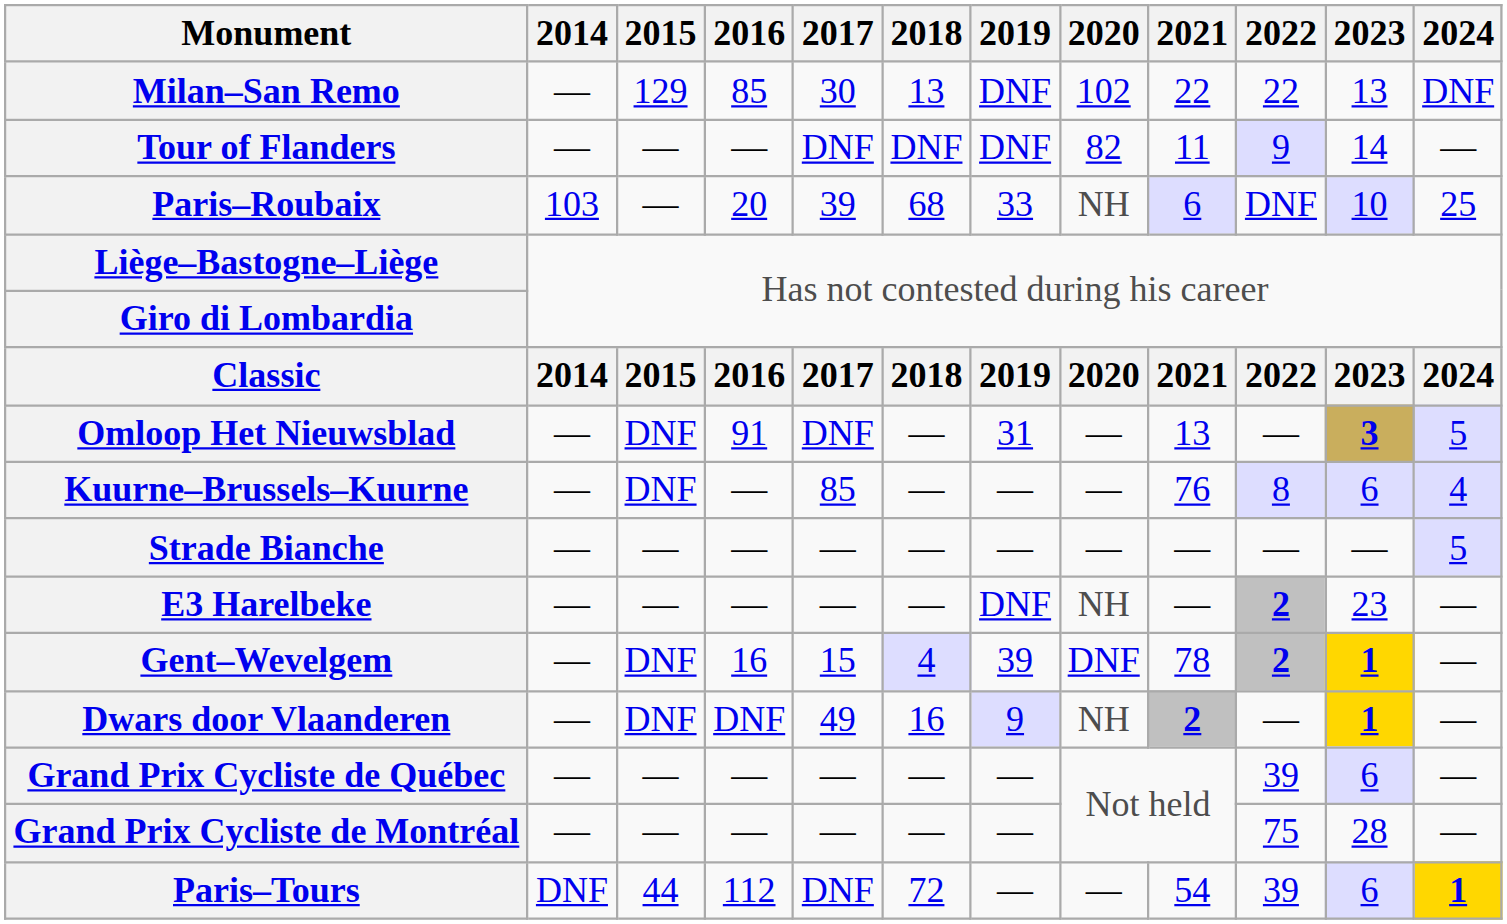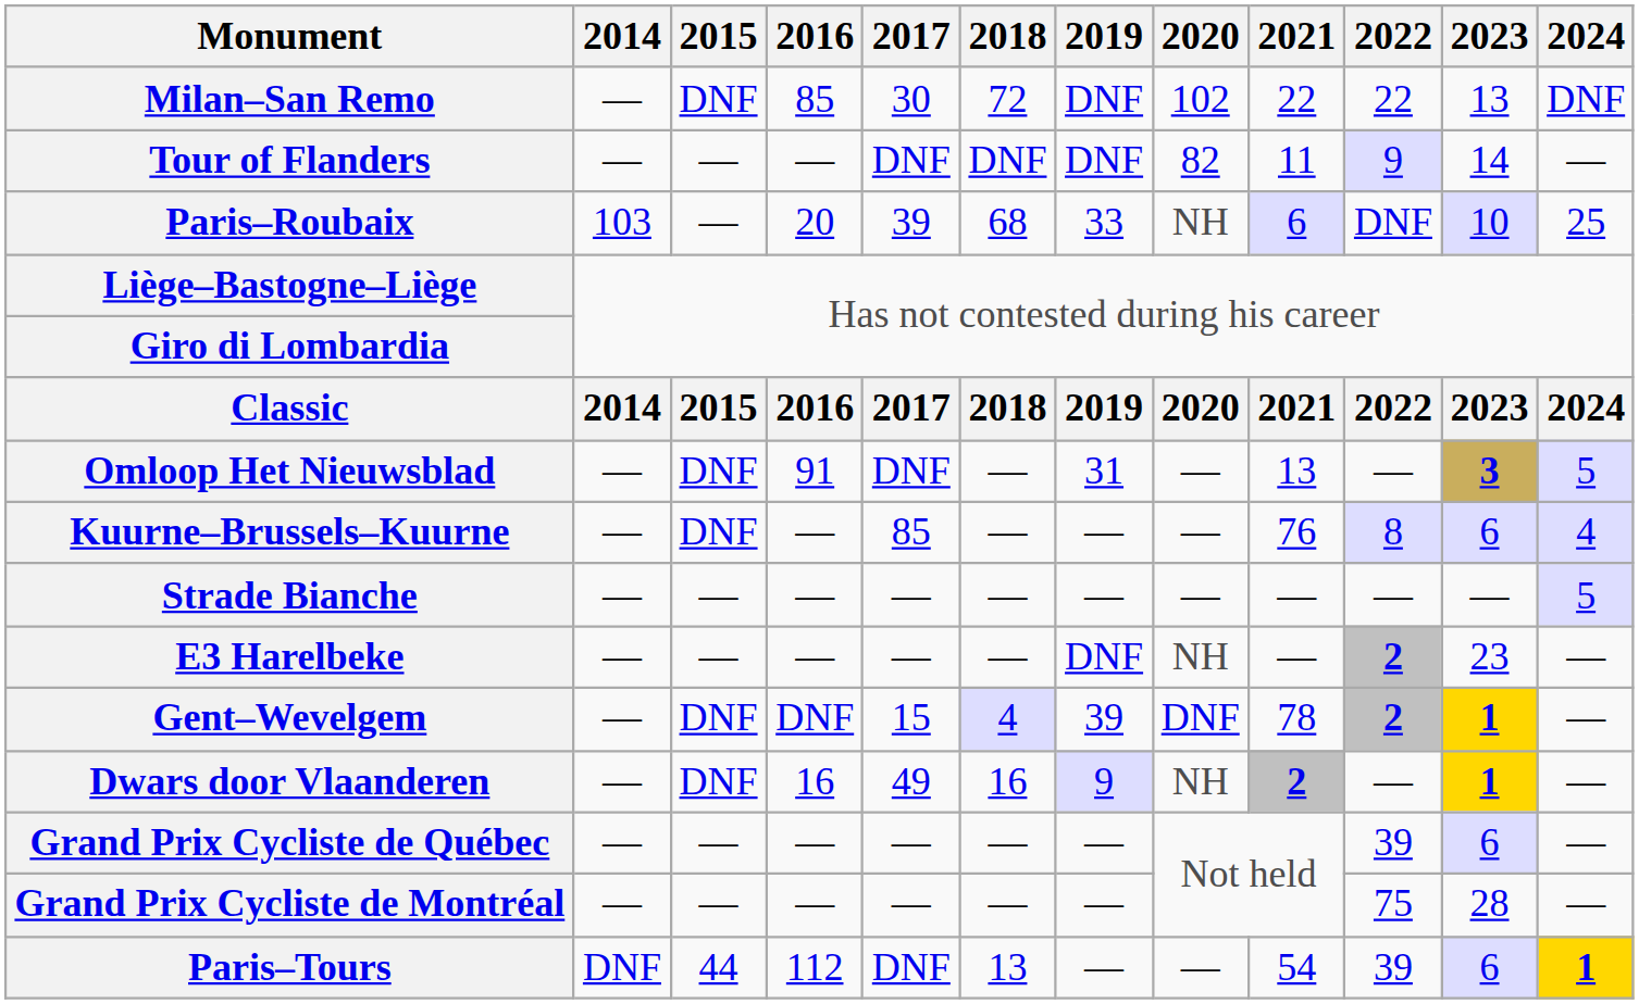 <table class="wikitable plainrowheaders">
 <tr>
 <th>Monument</th>
 <th>2014</th>
 <th>2015</th>
 <th>2016</th>
 <th>2017</th>
 <th>2018</th>
 <th>2019</th>
 <th>2020</th>
 <th>2021</th>
 <th>2022</th>
 <th>2023</th>
 <th>2024</th>
 </tr>
 <tr style="text-align:center;">
 <th scope="row"><a href='#'>Milan–San Remo</a></th>
 <td>—</td>
-<td><a href='#'>129</a></td>
+<td><a href='#'>DNF</a></td>
 <td><a href='#'>85</a></td>
 <td><a href='#'>30</a></td>
-<td><a href='#'>13</a></td>
+<td><a href='#'>72</a></td>
 <td><a href='#'>DNF</a></td>
 <td><a href='#'>102</a></td>
 <td><a href='#'>22</a></td>
 <td><a href='#'>22</a></td>
 <td><a href='#'>13</a></td>
 <td><a href='#'>DNF</a></td>
 </tr>
 <tr style="text-align:center;">
 <th scope="row"><a href='#'>Tour of Flanders</a></th>
 <td>—</td>
 <td>—</td>
 <td>—</td>
 <td><a href='#'>DNF</a></td>
 <td><a href='#'>DNF</a></td>
 <td><a href='#'>DNF</a></td>
 <td><a href='#'>82</a></td>
 <td><a href='#'>11</a></td>
 <td style="background:#ddf;"><a href='#'>9</a></td>
 <td><a href='#'>14</a></td>
 <td>—</td>
 </tr>
 <tr style="text-align:center;">
 <th scope="row"><a href='#'>Paris–Roubaix</a></th>
 <td><a href='#'>103</a></td>
 <td>—</td>
 <td><a href='#'>20</a></td>
 <td><a href='#'>39</a></td>
 <td><a href='#'>68</a></td>
 <td><a href='#'>33</a></td>
 <td style="color:#4d4d4d;">NH</td>
 <td style="background:#ddf;"><a href='#'>6</a></td>
 <td><a href='#'>DNF</a></td>
 <td style="background:#ddf;"><a href='#'>10</a></td>
 <td><a href='#'>25</a></td>
 </tr>
 <tr style="text-align:center;">
 <th scope="row"><a href='#'>Liège–Bastogne–Liège</a></th>
 <td colspan="11" rowspan="2" style="color:#4d4d4d;">Has not contested during his career</td>
 </tr>
 <tr style="text-align:center;">
 <th scope="row"><a href='#'>Giro di Lombardia</a></th>
 </tr>
 <tr style="background:#EEEEEE;">
 <th><a href='#'>Classic</a></th>
 <th>2014</th>
 <th>2015</th>
 <th>2016</th>
 <th>2017</th>
 <th>2018</th>
 <th>2019</th>
 <th>2020</th>
 <th>2021</th>
 <th>2022</th>
 <th>2023</th>
 <th>2024</th>
 </tr>
 <tr style="text-align:center;">
 <th scope="row"><a href='#'>Omloop Het Nieuwsblad</a></th>
 <td>—</td>
 <td><a href='#'>DNF</a></td>
 <td><a href='#'>91</a></td>
 <td><a href='#'>DNF</a></td>
 <td>—</td>
 <td><a href='#'>31</a></td>
 <td>—</td>
 <td><a href='#'>13</a></td>
 <td>—</td>
 <td style="background:#C9AE5D;"><a href='#'><strong>3</strong></a></td>
 <td style="background:#ddf;"><a href='#'>5</a></td>
 </tr>
 <tr style="text-align:center;">
 <th scope="row"><a href='#'>Kuurne–Brussels–Kuurne</a></th>
 <td>—</td>
 <td><a href='#'>DNF</a></td>
 <td>—</td>
 <td><a href='#'>85</a></td>
 <td>—</td>
 <td>—</td>
 <td>—</td>
 <td><a href='#'>76</a></td>
 <td style="background:#ddf;"><a href='#'>8</a></td>
 <td style="background:#ddf;"><a href='#'>6</a></td>
 <td style="background:#ddf;"><a href='#'>4</a></td>
 </tr>
 <tr style="text-align:center;">
 <th scope="row"><a href='#'>Strade Bianche</a></th>
 <td>—</td>
 <td>—</td>
 <td>—</td>
 <td>—</td>
 <td>—</td>
 <td>—</td>
 <td>—</td>
 <td>—</td>
 <td>—</td>
 <td>—</td>
 <td style="background:#ddf;"><a href='#'>5</a></td>
 </tr>
 <tr style="text-align:center;">
 <th scope="row"><a href='#'>E3 Harelbeke</a></th>
 <td>—</td>
 <td>—</td>
 <td>—</td>
 <td>—</td>
 <td>—</td>
 <td><a href='#'>DNF</a></td>
 <td style="color:#4d4d4d;">NH</td>
 <td>—</td>
 <td style="background:silver;"><a href='#'><strong>2</strong></a></td>
 <td><a href='#'>23</a></td>
 <td>—</td>
 </tr>
 <tr style="text-align:center;">
 <th scope="row"><a href='#'>Gent–Wevelgem</a></th>
 <td>—</td>
 <td><a href='#'>DNF</a></td>
-<td><a href='#'>16</a></td>
+<td><a href='#'>DNF</a></td>
 <td><a href='#'>15</a></td>
 <td style="background:#ddf;"><a href='#'>4</a></td>
 <td><a href='#'>39</a></td>
 <td><a href='#'>DNF</a></td>
 <td><a href='#'>78</a></td>
 <td style="background:silver;"><a href='#'><strong>2</strong></a></td>
 <td style="background:gold;"><a href='#'><strong>1</strong></a></td>
 <td>—</td>
 </tr>
 <tr style="text-align:center;">
 <th scope="row"><a href='#'>Dwars door Vlaanderen</a></th>
 <td>—</td>
 <td><a href='#'>DNF</a></td>
-<td><a href='#'>DNF</a></td>
+<td><a href='#'>16</a></td>
 <td><a href='#'>49</a></td>
 <td><a href='#'>16</a></td>
 <td style="background:#ddf;"><a href='#'>9</a></td>
 <td style="color:#4d4d4d;">NH</td>
 <td style="background:silver;"><a href='#'><strong>2</strong></a></td>
 <td>—</td>
 <td style="background:gold;"><a href='#'><strong>1</strong></a></td>
 <td>—</td>
 </tr>
 <tr style="text-align:center;">
 <th scope="row"><a href='#'>Grand Prix Cycliste de Québec</a></th>
 <td>—</td>
 <td>—</td>
 <td>—</td>
 <td>—</td>
 <td>—</td>
 <td>—</td>
 <td style="color:#4d4d4d;" colspan=2 rowspan=2>Not held</td>
 <td><a href='#'>39</a></td>
 <td style="background:#ddf;"><a href='#'>6</a></td>
 <td>—</td>
 </tr>
 <tr style="text-align:center;">
 <th scope="row"><a href='#'>Grand Prix Cycliste de Montréal</a></th>
 <td>—</td>
 <td>—</td>
 <td>—</td>
 <td>—</td>
 <td>—</td>
 <td>—</td>
 <td><a href='#'>75</a></td>
 <td><a href='#'>28</a></td>
 <td>—</td>
 </tr>
 <tr style="text-align:center;">
 <th scope="row"><a href='#'>Paris–Tours</a></th>
 <td><a href='#'>DNF</a></td>
 <td><a href='#'>44</a></td>
 <td><a href='#'>112</a></td>
 <td><a href='#'>DNF</a></td>
-<td><a href='#'>72</a></td>
+<td><a href='#'>13</a></td>
 <td>—</td>
 <td>—</td>
 <td><a href='#'>54</a></td>
 <td><a href='#'>39</a></td>
 <td style="background:#ddf;"><a href='#'>6</a></td>
 <td style="background:gold;"><a href='#'><strong>1</strong></a></td>
 </tr>
 </table>
